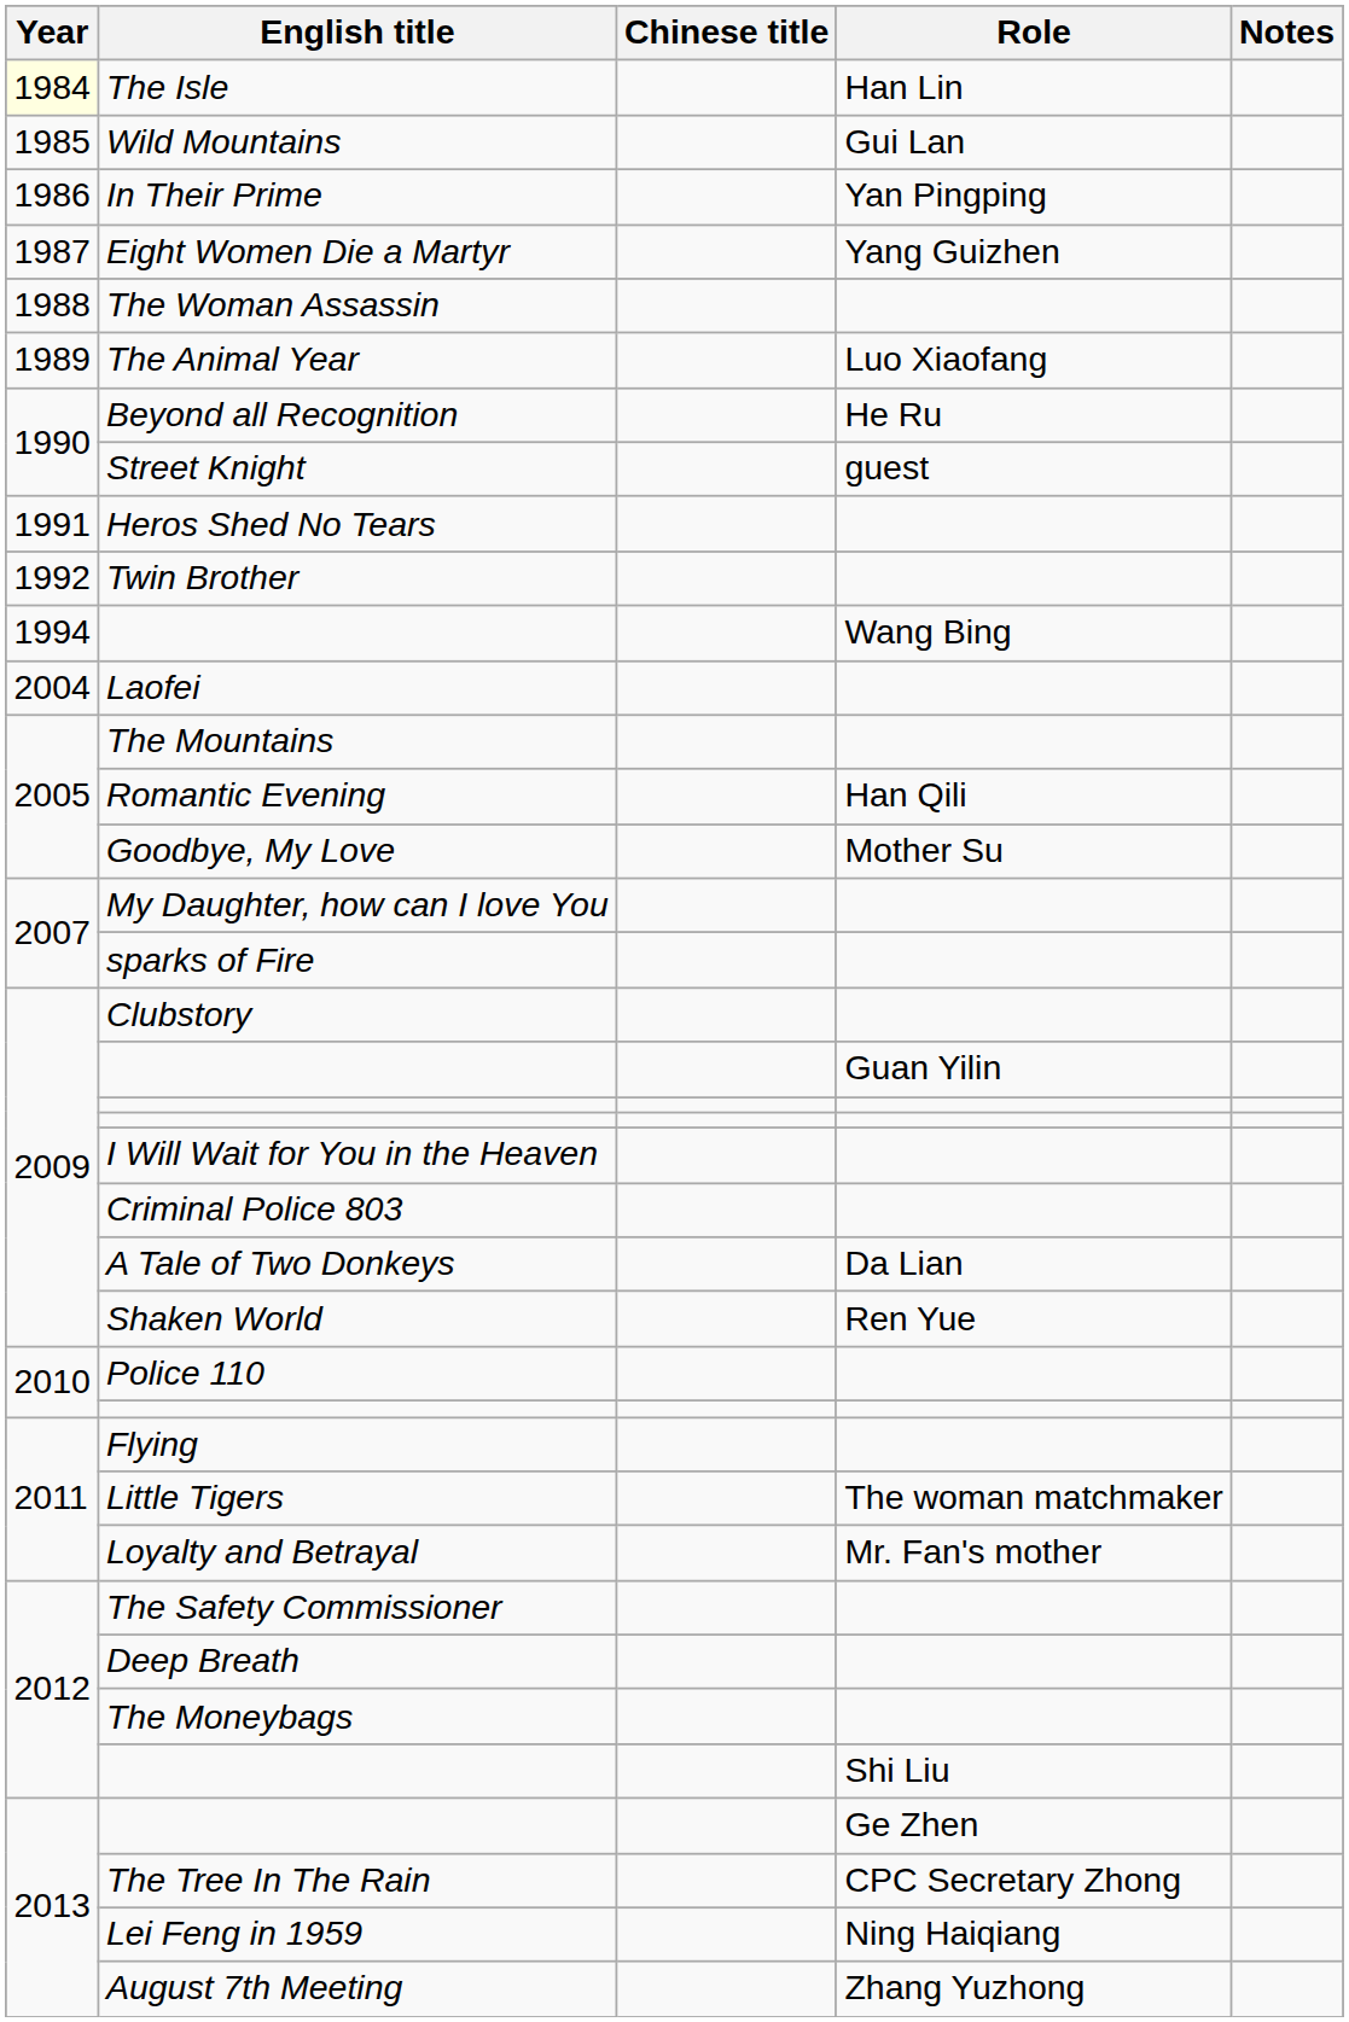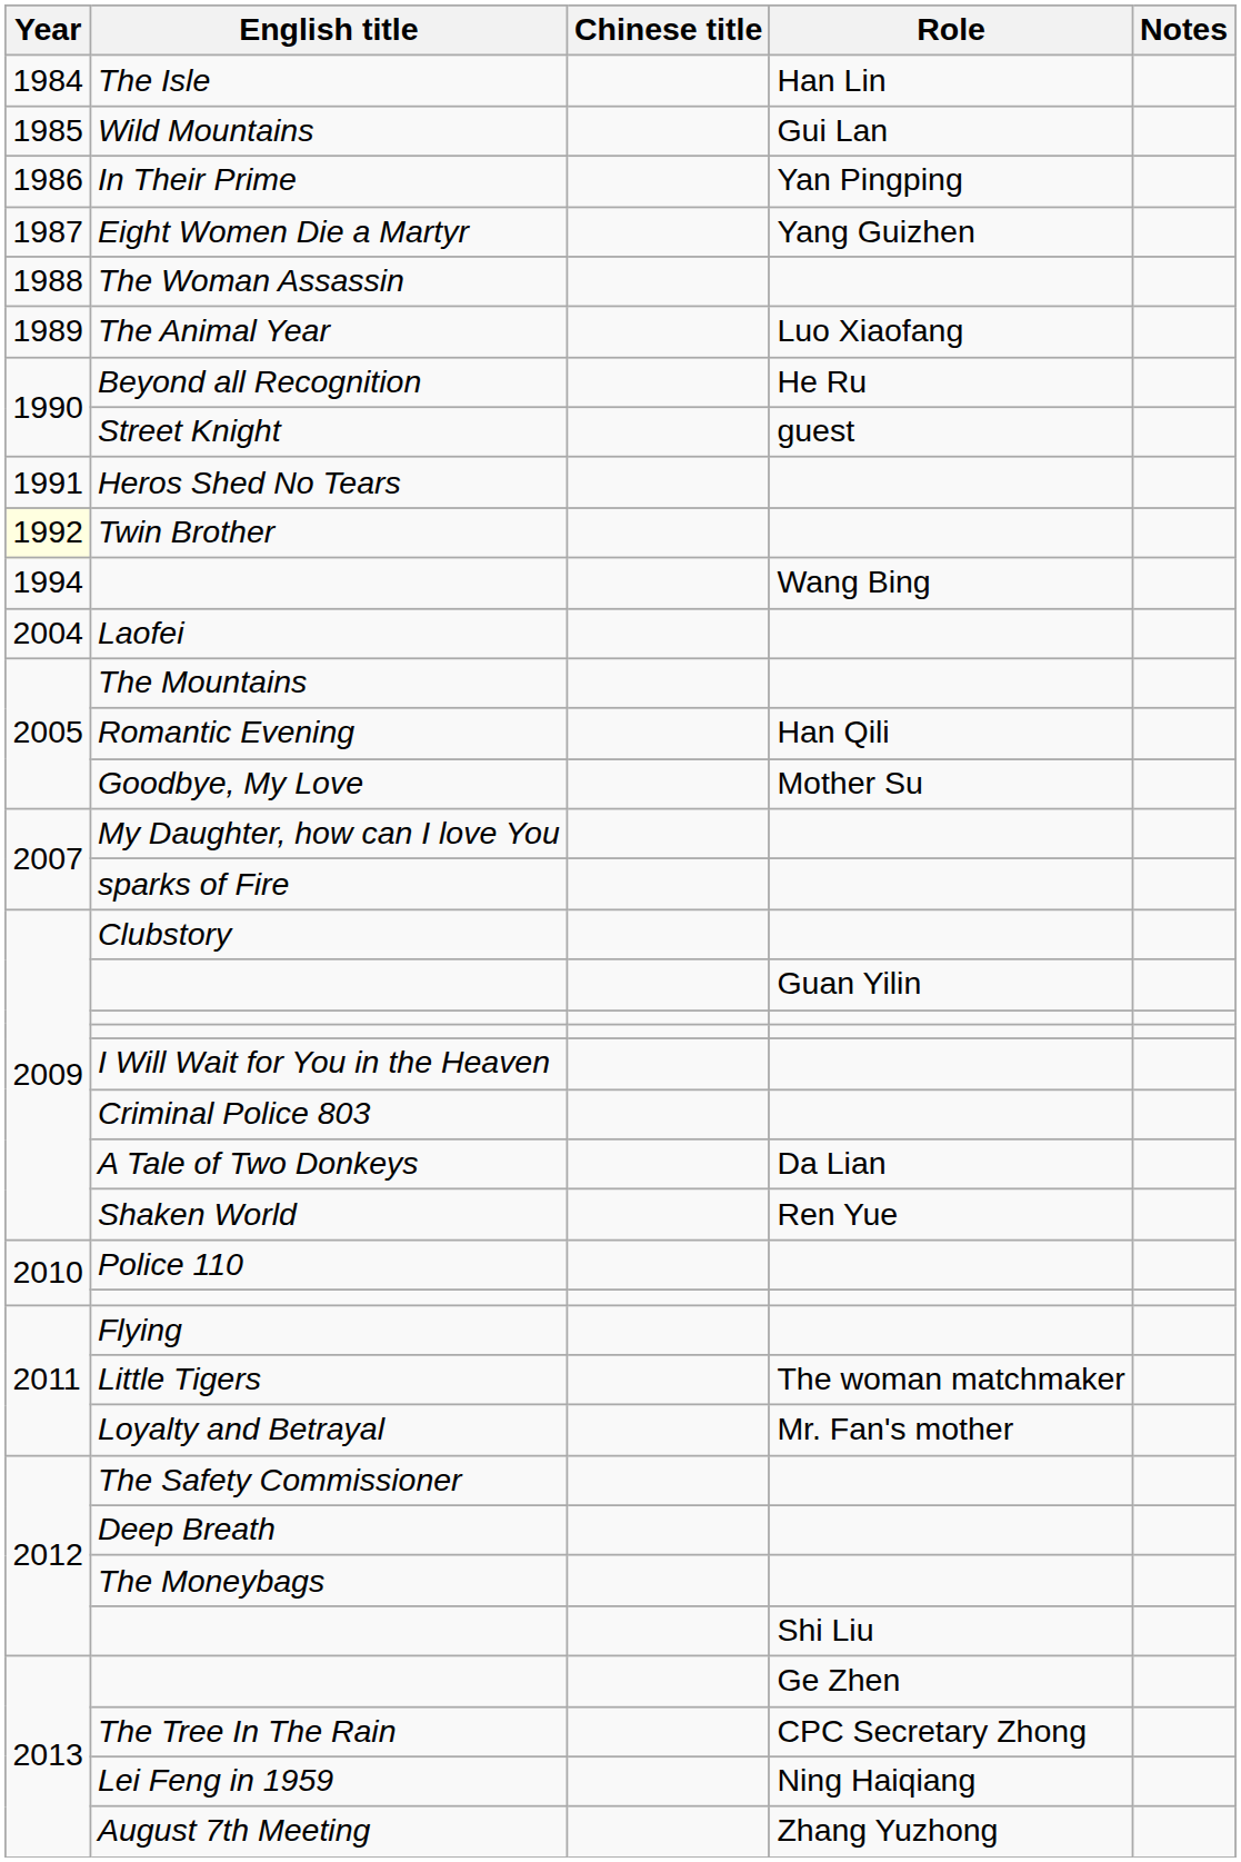 <table class="wikitable">
 <tr>
 <th>Year</th>
 <th>English title</th>
 <th>Chinese title</th>
 <th>Role</th>
 <th>Notes</th>
 </tr>
 <tr>
-<td style="background: lightyellow;">1984</td>
+<td>1984</td>
 <td><em>The Isle</em></td>
 <td></td>
 <td>Han Lin</td>
 <td></td>
 </tr>
 <tr>
 <td>1985</td>
 <td><em>Wild Mountains</em></td>
 <td></td>
 <td>Gui Lan</td>
 <td></td>
 </tr>
 <tr>
 <td>1986</td>
 <td><em>In Their Prime</em></td>
 <td></td>
 <td>Yan Pingping</td>
 <td></td>
 </tr>
 <tr>
 <td>1987</td>
 <td><em>Eight Women Die a Martyr</em></td>
 <td></td>
 <td>Yang Guizhen</td>
 <td></td>
 </tr>
 <tr>
 <td>1988</td>
 <td><em>The Woman Assassin</em></td>
 <td></td>
 <td></td>
 <td></td>
 </tr>
 <tr>
 <td>1989</td>
 <td><em>The Animal Year</em></td>
 <td></td>
 <td>Luo Xiaofang</td>
 <td></td>
 </tr>
 <tr>
 <td rowspan="2">1990</td>
 <td><em>Beyond all Recognition</em></td>
 <td></td>
 <td>He Ru</td>
 <td></td>
 </tr>
 <tr>
 <td><em>Street Knight</em></td>
 <td></td>
 <td>guest</td>
 <td></td>
 </tr>
 <tr>
 <td>1991</td>
 <td><em>Heros Shed No Tears</em></td>
 <td></td>
 <td></td>
 <td></td>
 </tr>
 <tr>
-<td>1992</td>
+<td style="background: lightyellow;">1992</td>
 <td><em>Twin Brother</em></td>
 <td></td>
 <td></td>
 <td></td>
 </tr>
 <tr>
 <td>1994</td>
 <td></td>
 <td></td>
 <td>Wang Bing</td>
 <td></td>
 </tr>
 <tr>
 <td>2004</td>
 <td><em>Laofei</em></td>
 <td></td>
 <td></td>
 <td></td>
 </tr>
 <tr>
 <td rowspan="3">2005</td>
 <td><em>The Mountains</em></td>
 <td></td>
 <td></td>
 <td></td>
 </tr>
 <tr>
 <td><em>Romantic Evening</em></td>
 <td></td>
 <td>Han Qili</td>
 <td></td>
 </tr>
 <tr>
 <td><em>Goodbye, My Love</em></td>
 <td></td>
 <td>Mother Su</td>
 <td></td>
 </tr>
 <tr>
 <td rowspan="2">2007</td>
 <td><em>My Daughter, how can I love You</em></td>
 <td></td>
 <td></td>
 <td></td>
 </tr>
 <tr>
 <td><em>sparks of Fire</em></td>
 <td></td>
 <td></td>
 <td></td>
 </tr>
 <tr>
 <td rowspan="8">2009</td>
 <td><em>Clubstory</em></td>
 <td></td>
 <td></td>
 <td></td>
 </tr>
 <tr>
 <td></td>
 <td></td>
 <td>Guan Yilin</td>
 <td></td>
 </tr>
 <tr>
 <td></td>
 <td></td>
 <td></td>
 <td></td>
 </tr>
 <tr>
 <td></td>
 <td></td>
 <td></td>
 <td></td>
 </tr>
 <tr>
 <td><em>I Will Wait for You in the Heaven</em></td>
 <td></td>
 <td></td>
 <td></td>
 </tr>
 <tr>
 <td><em>Criminal Police 803</em></td>
 <td></td>
 <td></td>
 <td></td>
 </tr>
 <tr>
 <td><em>A Tale of Two Donkeys</em></td>
 <td></td>
 <td>Da Lian</td>
 <td></td>
 </tr>
 <tr>
 <td><em>Shaken World</em></td>
 <td></td>
 <td>Ren Yue</td>
 <td></td>
 </tr>
 <tr>
 <td rowspan="2">2010</td>
 <td><em>Police 110</em></td>
 <td></td>
 <td></td>
 <td></td>
 </tr>
 <tr>
 <td></td>
 <td></td>
 <td></td>
 <td></td>
 </tr>
 <tr>
 <td rowspan="3">2011</td>
 <td><em>Flying</em></td>
 <td></td>
 <td></td>
 <td></td>
 </tr>
 <tr>
 <td><em>Little Tigers</em></td>
 <td></td>
 <td>The woman matchmaker</td>
 <td></td>
 </tr>
 <tr>
 <td><em>Loyalty and Betrayal</em></td>
 <td></td>
 <td>Mr. Fan's mother</td>
 <td></td>
 </tr>
 <tr>
 <td rowspan="4">2012</td>
 <td><em>The Safety Commissioner</em></td>
 <td></td>
 <td></td>
 <td></td>
 </tr>
 <tr>
 <td><em>Deep Breath</em></td>
 <td></td>
 <td></td>
 <td></td>
 </tr>
 <tr>
 <td><em>The Moneybags</em></td>
 <td></td>
 <td></td>
 <td></td>
 </tr>
 <tr>
 <td></td>
 <td></td>
 <td>Shi Liu</td>
 <td></td>
 </tr>
 <tr>
 <td rowspan="4">2013</td>
 <td></td>
 <td></td>
 <td>Ge Zhen</td>
 <td></td>
 </tr>
 <tr>
 <td><em>The Tree In The Rain</em></td>
 <td></td>
 <td>CPC Secretary Zhong</td>
 <td></td>
 </tr>
 <tr>
 <td><em>Lei Feng in 1959</em></td>
 <td></td>
 <td>Ning Haiqiang</td>
 <td></td>
 </tr>
 <tr>
 <td><em>August 7th Meeting</em></td>
 <td></td>
 <td>Zhang Yuzhong</td>
 <td></td>
 </tr>
 </table>
